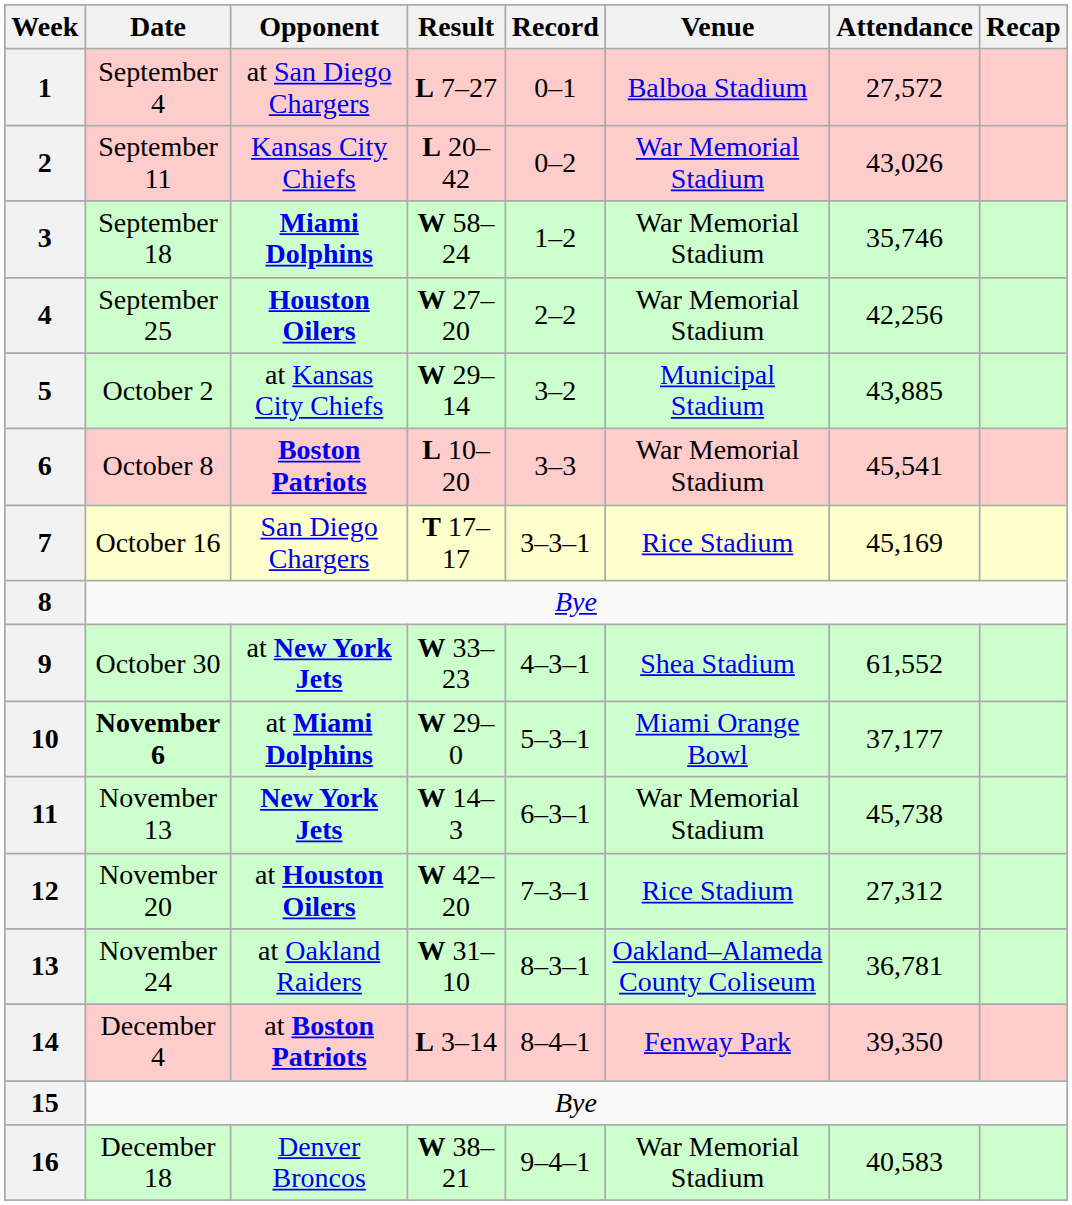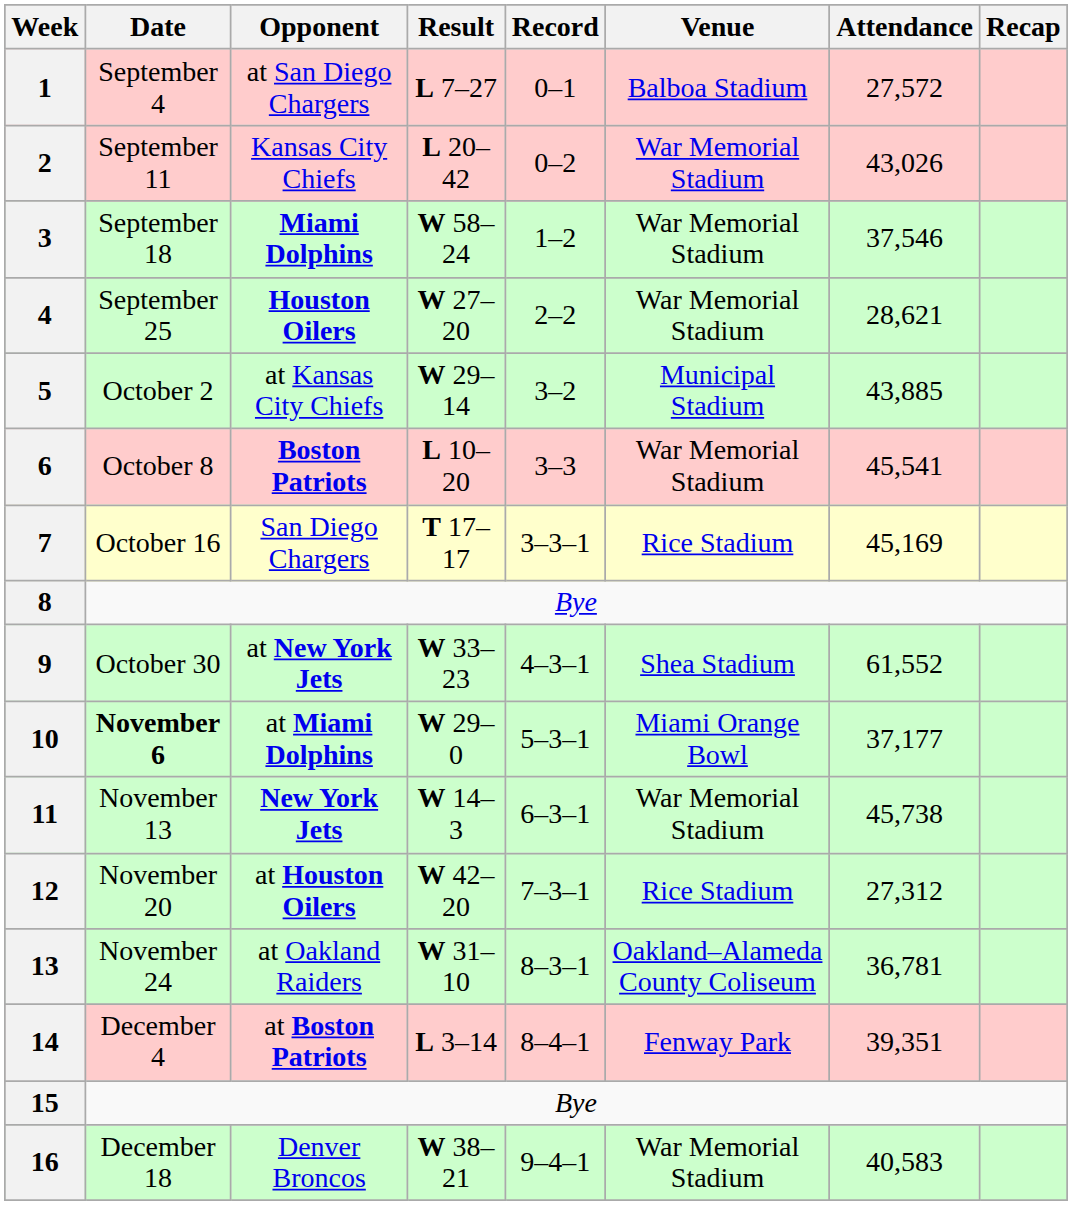 <table class="wikitable" style="text-align:center">
 <tr>
 <th>Week</th>
 <th>Date</th>
 <th>Opponent</th>
 <th>Result</th>
 <th>Record</th>
 <th>Venue</th>
 <th>Attendance</th>
 <th>Recap</th>
 </tr>
 <tr style="background: #fcc;">
 <th>1</th>
 <td>September 4</td>
 <td>at <a href='#'>San Diego Chargers</a></td>
 <td><strong>L</strong> 7–27</td>
 <td>0–1</td>
 <td><a href='#'>Balboa Stadium</a></td>
 <td>27,572</td>
 <td></td>
 </tr>
 <tr style="background: #fcc;">
 <th>2</th>
 <td>September 11</td>
 <td><a href='#'>Kansas City Chiefs</a></td>
 <td><strong>L</strong> 20–42</td>
 <td>0–2</td>
 <td><a href='#'>War Memorial Stadium</a></td>
 <td>43,026</td>
 <td></td>
 </tr>
 <tr style="background: #cfc;">
 <th>3</th>
 <td>September 18</td>
 <td><strong><a href='#'>Miami Dolphins</a></strong></td>
 <td><strong>W</strong> 58–24</td>
 <td>1–2</td>
 <td>War Memorial Stadium</td>
-<td>35,746</td>
+<td>37,546</td>
 <td></td>
 </tr>
 <tr style="background: #cfc;">
 <th>4</th>
 <td>September 25</td>
 <td><strong><a href='#'>Houston Oilers</a></strong></td>
 <td><strong>W</strong> 27–20</td>
 <td>2–2</td>
 <td>War Memorial Stadium</td>
-<td>42,256</td>
+<td>28,621</td>
 <td></td>
 </tr>
 <tr style="background: #cfc;">
 <th>5</th>
 <td>October 2</td>
 <td>at <a href='#'>Kansas City Chiefs</a></td>
 <td><strong>W</strong> 29–14</td>
 <td>3–2</td>
 <td><a href='#'>Municipal Stadium</a></td>
 <td>43,885</td>
 <td></td>
 </tr>
 <tr style="background: #fcc;">
 <th>6</th>
 <td>October 8</td>
 <td><strong><a href='#'>Boston Patriots</a></strong></td>
 <td><strong>L</strong> 10–20</td>
 <td>3–3</td>
 <td>War Memorial Stadium</td>
 <td>45,541</td>
 <td></td>
 </tr>
 <tr style="background: #ffc;">
 <th>7</th>
 <td>October 16</td>
 <td><a href='#'>San Diego Chargers</a></td>
 <td><strong>T</strong> 17–17</td>
 <td>3–3–1</td>
 <td><a href='#'>Rice Stadium</a></td>
 <td>45,169</td>
 <td></td>
 </tr>
 <tr>
 <th>8</th>
 <td colspan="7" align="center"><em><a href='#'>Bye</a></em></td>
 </tr>
 <tr style="background: #cfc;">
 <th>9</th>
 <td>October 30</td>
 <td>at <strong><a href='#'>New York Jets</a></strong></td>
 <td><strong>W</strong> 33–23</td>
 <td>4–3–1</td>
 <td><a href='#'>Shea Stadium</a></td>
 <td>61,552</td>
 <td></td>
 </tr>
 <tr style="background: #cfc;">
 <th>10</th>
 <td><strong>November 6</strong></td>
 <td>at <strong><a href='#'>Miami Dolphins</a></strong></td>
 <td><strong>W</strong> 29–0</td>
 <td>5–3–1</td>
 <td><a href='#'>Miami Orange Bowl</a></td>
 <td>37,177</td>
 <td></td>
 </tr>
 <tr style="background: #cfc;">
 <th>11</th>
 <td>November 13</td>
 <td><strong><a href='#'>New York Jets</a></strong></td>
 <td><strong>W</strong> 14–3</td>
 <td>6–3–1</td>
 <td>War Memorial Stadium</td>
 <td>45,738</td>
 <td></td>
 </tr>
 <tr style="background: #cfc;">
 <th>12</th>
 <td>November 20</td>
 <td>at <strong><a href='#'>Houston Oilers</a></strong></td>
 <td><strong>W</strong> 42–20</td>
 <td>7–3–1</td>
 <td><a href='#'>Rice Stadium</a></td>
 <td>27,312</td>
 <td></td>
 </tr>
 <tr style="background: #cfc;">
 <th>13</th>
 <td>November 24</td>
 <td>at <a href='#'>Oakland Raiders</a></td>
 <td><strong>W</strong> 31–10</td>
 <td>8–3–1</td>
 <td><a href='#'>Oakland–Alameda County Coliseum</a></td>
 <td>36,781</td>
 <td></td>
 </tr>
 <tr style="background: #fcc;">
 <th>14</th>
 <td>December 4</td>
 <td>at <strong><a href='#'>Boston Patriots</a></strong></td>
 <td><strong>L</strong> 3–14</td>
 <td>8–4–1</td>
 <td><a href='#'>Fenway Park</a></td>
-<td>39,350</td>
+<td>39,351</td>
 <td></td>
 </tr>
 <tr>
 <th>15</th>
 <td colspan="7" align="center"><em>Bye</em></td>
 </tr>
 <tr style="background: #cfc;">
 <th>16</th>
 <td>December 18</td>
 <td><a href='#'>Denver Broncos</a></td>
 <td><strong>W</strong> 38–21</td>
 <td>9–4–1</td>
 <td>War Memorial Stadium</td>
 <td>40,583</td>
 <td></td>
 </tr>
 </table>
